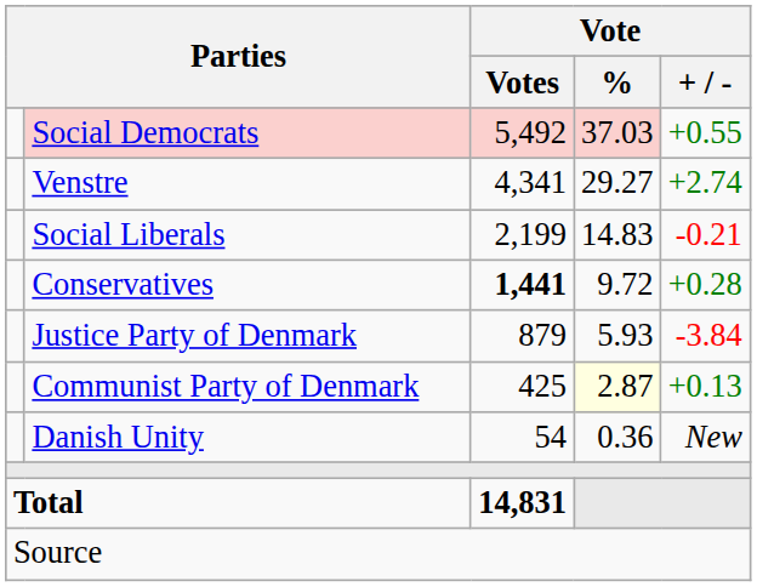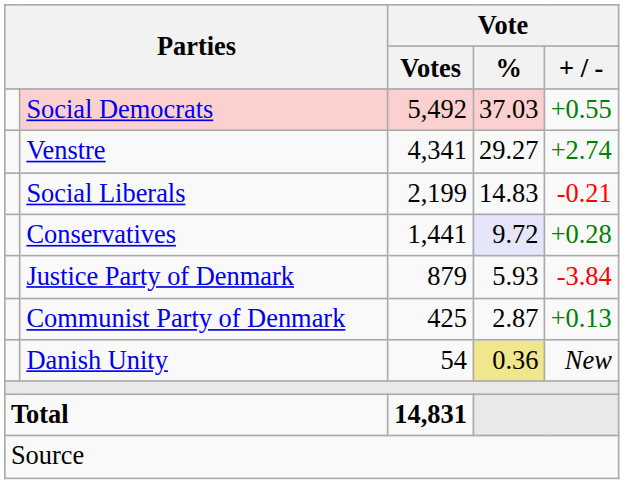 <table class="wikitable" style="text-align:right;">
 <tr>
 <th style="text-align:centre;" rowspan="2" colspan="2" width="225">Parties</th>
 <th colspan="3">Vote</th>
 </tr>
 <tr>
 <th width="15">Votes</th>
 <th width="15">%</th>
 <th width="15">+ / -</th>
 </tr>
 <tr>
 <td width="2" style="color:inherit;background:"></td>
 <td bgcolor=#fbd0ce  align="left"><a href='#'>Social Democrats</a></td>
 <td bgcolor=#fbd0ce>5,492</td>
 <td bgcolor=#fbd0ce>37.03</td>
 <td style=color:green;>+0.55</td>
 </tr>
 <tr>
 <td width="2" style="color:inherit;background:"></td>
 <td align="left"><a href='#'>Venstre</a></td>
 <td>4,341</td>
 <td>29.27</td>
 <td style=color:green;>+2.74</td>
 </tr>
 <tr>
 <td width="2" style="color:inherit;background:"></td>
 <td align="left"><a href='#'>Social Liberals</a></td>
 <td>2,199</td>
 <td>14.83</td>
 <td style=color:red;>-0.21</td>
 </tr>
 <tr>
 <td width="2" style="color:inherit;background:"></td>
 <td align="left"><a href='#'>Conservatives</a></td>
-<td><strong>1,441</strong></td>
-<td>9.72</td>
+<td>1,441</td>
+<td style="background: lavender;">9.72</td>
 <td style=color:green;>+0.28</td>
 </tr>
 <tr>
 <td width="2" style="color:inherit;background:"></td>
 <td align="left"><a href='#'>Justice Party of Denmark</a></td>
 <td>879</td>
 <td>5.93</td>
 <td style=color:red;>-3.84</td>
 </tr>
 <tr>
 <td width="2" style="color:inherit;background:"></td>
 <td align="left"><a href='#'>Communist Party of Denmark</a></td>
 <td>425</td>
-<td style="background: lightyellow;">2.87</td>
+<td>2.87</td>
 <td style=color:green;>+0.13</td>
 </tr>
 <tr>
 <td width="2" style="color:inherit;background:"></td>
 <td align="left"><a href='#'>Danish Unity</a></td>
 <td>54</td>
-<td>0.36</td>
+<td style="background: khaki;">0.36</td>
 <td><em>New</em></td>
 </tr>
 <tr>
 <td colspan="7" bgcolor="#E9E9E9"></td>
 </tr>
 <tr>
 <td align="left" colspan="2"><strong>Total</strong></td>
 <td><strong>14,831</strong></td>
 <td bgcolor="#E9E9E9" colspan="2"></td>
 </tr>
 <tr>
 <td align="left" colspan="6">Source</td>
 </tr>
 </table>
